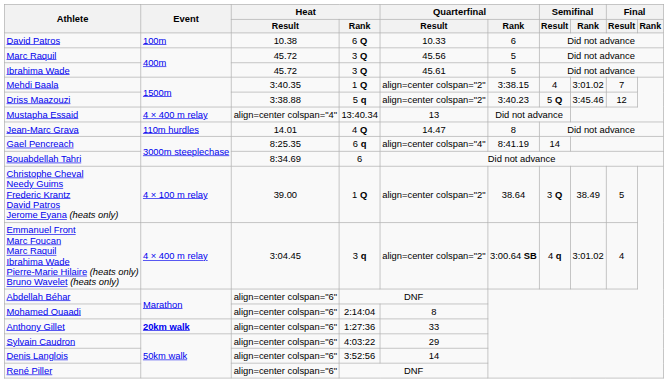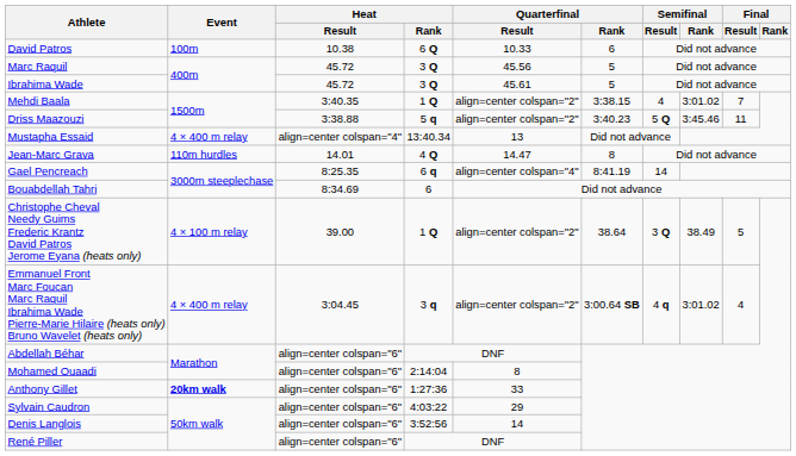 <table class=wikitable style="font-size:90%">
 <tr>
 <th rowspan="2">Athlete</th>
 <th rowspan="2">Event</th>
 <th colspan="2">Heat</th>
 <th colspan="2">Quarterfinal</th>
 <th colspan="2">Semifinal</th>
 <th colspan="2">Final</th>
 </tr>
 <tr style="font-size:95%">
 <th>Result</th>
 <th>Rank</th>
 <th>Result</th>
 <th>Rank</th>
 <th>Result</th>
 <th>Rank</th>
 <th>Result</th>
 <th>Rank</th>
 </tr>
 <tr>
 <td align=left><a href='#'>David Patros</a></td>
 <td align=left><a href='#'>100m</a></td>
 <td align=center>10.38</td>
 <td align=center>6 <strong>Q</strong></td>
 <td align=center>10.33</td>
 <td align=center>6</td>
 <td align=center colspan="4">Did not advance</td>
 </tr>
 <tr>
 <td align=left><a href='#'>Marc Raquil</a></td>
 <td align=left rowspan="2"><a href='#'>400m</a></td>
 <td align=center>45.72</td>
 <td align=center>3 <strong>Q</strong></td>
 <td align=center>45.56</td>
 <td align=center>5</td>
 <td align=center colspan="4">Did not advance</td>
 </tr>
 <tr>
 <td align=left><a href='#'>Ibrahima Wade</a></td>
 <td align=center>45.72</td>
 <td align=center>3 <strong>Q</strong></td>
 <td align=center>45.61</td>
 <td align=center>5</td>
 <td align=center colspan="4">Did not advance</td>
 </tr>
 <tr>
 <td align=left><a href='#'>Mehdi Baala</a></td>
 <td align=left rowspan="2"><a href='#'>1500m</a></td>
 <td align=center>3:40.35</td>
 <td align=center>1 <strong>Q</strong></td>
 <td>align=center colspan="2" </td>
 <td align=center>3:38.15</td>
 <td align=center>4</td>
 <td align=center>3:01.02</td>
 <td align=center>7</td>
 </tr>
 <tr>
 <td align=left><a href='#'>Driss Maazouzi</a></td>
 <td align=center>3:38.88</td>
 <td align=center>5 <strong>q</strong></td>
 <td>align=center colspan="2" </td>
 <td align=center>3:40.23</td>
 <td align=center>5 <strong>Q</strong></td>
 <td align=center>3:45.46</td>
-<td align=center>12</td>
+<td align=center>11</td>
 </tr>
 <tr>
 <td align=left><a href='#'>Mustapha Essaid</a></td>
 <td align=left><a href='#'>4 × 400 m relay</a></td>
 <td>align=center colspan="4" </td>
 <td align=center>13:40.34</td>
 <td align=center>13</td>
 <td align=center colspan="2">Did not advance</td>
 </tr>
 <tr>
 <td align=left><a href='#'>Jean-Marc Grava</a></td>
 <td align=left><a href='#'>110m hurdles</a></td>
 <td align=center>14.01</td>
 <td align=center>4 <strong>Q</strong></td>
 <td align=center>14.47</td>
 <td align=center>8</td>
 <td align=center colspan="4">Did not advance</td>
 </tr>
 <tr>
 <td align=left><a href='#'>Gael Pencreach</a></td>
 <td align=left rowspan="2"><a href='#'>3000m steeplechase</a></td>
 <td align=center>8:25.35</td>
 <td align=center>6 <strong>q</strong></td>
 <td>align=center colspan="4" </td>
 <td align=center>8:41.19</td>
 <td align=center>14</td>
 </tr>
 <tr>
 <td align=left><a href='#'>Bouabdellah Tahri</a></td>
 <td align=center>8:34.69</td>
 <td align=center>6</td>
 <td align=center colspan="6">Did not advance</td>
 </tr>
 <tr>
 <td align=left><a href='#'>Christophe Cheval</a><br> <a href='#'>Needy Guims</a><br> <a href='#'>Frederic Krantz</a><br> <a href='#'>David Patros</a><br> <a href='#'>Jerome Eyana</a> <em>(heats only)</em></td>
 <td align=left><a href='#'>4 × 100 m relay</a></td>
 <td align=center>39.00</td>
 <td align=center>1 <strong>Q</strong></td>
 <td>align=center colspan="2" </td>
 <td align=center>38.64</td>
 <td align=center>3 <strong>Q</strong></td>
 <td align=center>38.49</td>
 <td align=center>5</td>
 </tr>
 <tr>
 <td align=left><a href='#'>Emmanuel Front</a><br> <a href='#'>Marc Foucan</a><br> <a href='#'>Marc Raquil</a><br> <a href='#'>Ibrahima Wade</a><br> <a href='#'>Pierre-Marie Hilaire</a> <em>(heats only)</em><br> <a href='#'>Bruno Wavelet</a> <em>(heats only)</em></td>
 <td align=left><a href='#'>4 × 400 m relay</a></td>
 <td align=center>3:04.45</td>
 <td align=center>3 <strong>q</strong></td>
 <td>align=center colspan="2" </td>
 <td align=center>3:00.64 <strong>SB</strong></td>
 <td align=center>4 <strong>q</strong></td>
 <td align=center>3:01.02</td>
 <td align=center>4</td>
 </tr>
 <tr>
 <td align=left><a href='#'>Abdellah Béhar</a></td>
 <td align=left rowspan="2"><a href='#'>Marathon</a></td>
 <td>align=center colspan="6" </td>
 <td align=center colspan="2">DNF</td>
 </tr>
 <tr>
 <td align=left><a href='#'>Mohamed Ouaadi</a></td>
 <td>align=center colspan="6" </td>
 <td align=center>2:14:04</td>
 <td align=center>8</td>
 </tr>
 <tr>
 <td align=left><a href='#'>Anthony Gillet</a></td>
 <td align=left><strong><a href='#'>20km walk</a></strong></td>
 <td>align=center colspan="6" </td>
 <td align=center>1:27:36</td>
 <td align=center>33</td>
 </tr>
 <tr>
 <td align=left><a href='#'>Sylvain Caudron</a></td>
 <td align=left rowspan="3"><a href='#'>50km walk</a></td>
 <td>align=center colspan="6" </td>
 <td align=center>4:03:22</td>
 <td align=center>29</td>
 </tr>
 <tr>
 <td align=left><a href='#'>Denis Langlois</a></td>
 <td>align=center colspan="6" </td>
 <td align=center>3:52:56</td>
 <td align=center>14</td>
 </tr>
 <tr>
 <td align=left><a href='#'>René Piller</a></td>
 <td>align=center colspan="6" </td>
 <td align=center colspan="2">DNF</td>
 </tr>
 </table>
